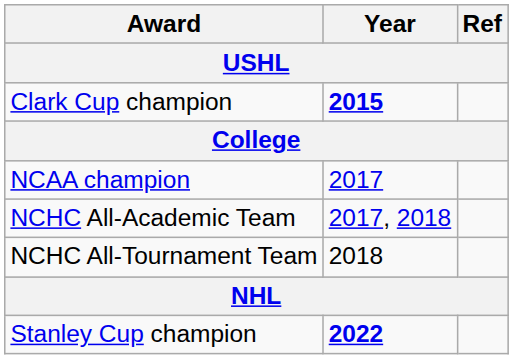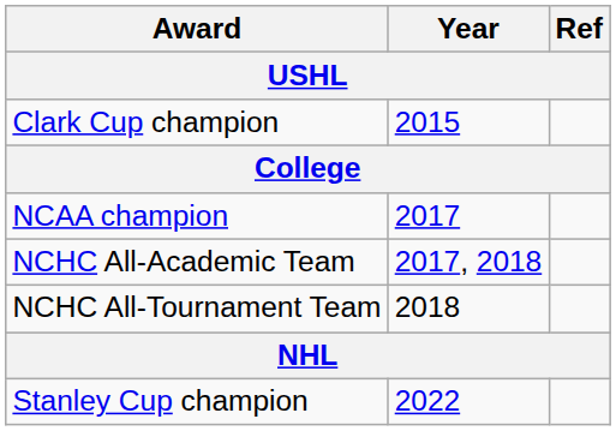 <table class="wikitable">
 <tr>
 <th>Award</th>
 <th>Year</th>
 <th>Ref</th>
 </tr>
 <tr>
 <th colspan="3"><a href='#'>USHL</a></th>
 </tr>
 <tr>
 <td><a href='#'>Clark Cup</a> champion</td>
-<td><strong><a href='#'>2015</a></strong></td>
+<td><a href='#'>2015</a></td>
 <td></td>
 </tr>
 <tr>
 <th colspan="3"><a href='#'>College</a></th>
 </tr>
 <tr>
 <td><a href='#'>NCAA champion</a></td>
 <td><a href='#'>2017</a></td>
 <td></td>
 </tr>
 <tr>
 <td><a href='#'>NCHC</a> All-Academic Team</td>
 <td><a href='#'>2017</a>, <a href='#'>2018</a></td>
 <td></td>
 </tr>
 <tr>
 <td>NCHC All-Tournament Team</td>
 <td>2018</td>
 <td></td>
 </tr>
 <tr>
 <th colspan="3"><a href='#'>NHL</a></th>
 </tr>
 <tr>
 <td><a href='#'>Stanley Cup</a> champion</td>
-<td><strong><a href='#'>2022</a></strong></td>
+<td><a href='#'>2022</a></td>
 <td></td>
 </tr>
 </table>
